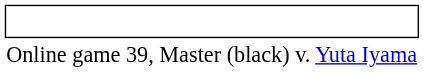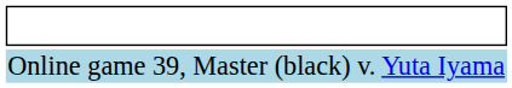 <table style="display:inline; display:inline-table;">
 <tr>
 <td style="border: solid thin; padding: 2px;"><br></td>
 </tr>
 <tr>
-<td style="text-align:center">Online game 39, Master (black) v. <a href='#'>Yuta Iyama</a></td>
+<td style="background: lightblue; text-align:center">Online game 39, Master (black) v. <a href='#'>Yuta Iyama</a></td>
 </tr>
 </table>
